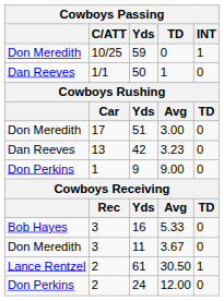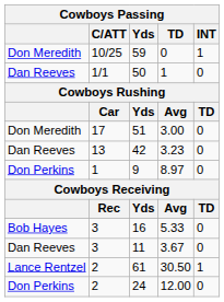 <table class="wikitable">
 <tr>
 <th colspan="5">Cowboys Passing</th>
 </tr>
 <tr>
 <th></th>
 <th>C/ATT</th>
 <th>Yds</th>
 <th>TD</th>
 <th>INT</th>
 </tr>
 <tr>
 <td><a href='#'>Don Meredith</a></td>
 <td>10/25</td>
 <td>59</td>
 <td>0</td>
 <td>1</td>
 </tr>
 <tr>
 <td><a href='#'>Dan Reeves</a></td>
 <td>1/1</td>
 <td>50</td>
 <td>1</td>
 <td>0</td>
 </tr>
 <tr>
 <th colspan="5">Cowboys Rushing</th>
 </tr>
 <tr>
 <th></th>
 <th>Car</th>
 <th>Yds</th>
 <th>Avg</th>
 <th>TD</th>
 </tr>
 <tr>
 <td>Don Meredith</td>
 <td>17</td>
 <td>51</td>
 <td>3.00</td>
 <td>0</td>
 </tr>
 <tr>
 <td>Dan Reeves</td>
 <td>13</td>
 <td>42</td>
 <td>3.23</td>
 <td>0</td>
 </tr>
 <tr>
 <td><a href='#'>Don Perkins</a></td>
 <td>1</td>
 <td>9</td>
-<td>9.00</td>
+<td>8.97</td>
 <td>0</td>
 </tr>
 <tr>
 <th colspan="5">Cowboys Receiving</th>
 </tr>
 <tr>
 <th></th>
 <th>Rec</th>
 <th>Yds</th>
 <th>Avg</th>
 <th>TD</th>
 </tr>
 <tr>
 <td><a href='#'>Bob Hayes</a></td>
 <td>3</td>
 <td>16</td>
 <td>5.33</td>
 <td>0</td>
 </tr>
 <tr>
-<td>Don Meredith</td>
+<td>Dan Reeves</td>
 <td>3</td>
 <td>11</td>
 <td>3.67</td>
 <td>0</td>
 </tr>
 <tr>
 <td><a href='#'>Lance Rentzel</a></td>
 <td>2</td>
 <td>61</td>
 <td>30.50</td>
 <td>1</td>
 </tr>
 <tr>
 <td><a href='#'>Don Perkins</a></td>
 <td>2</td>
 <td>24</td>
 <td>12.00</td>
 <td>0</td>
 </tr>
 </table>
